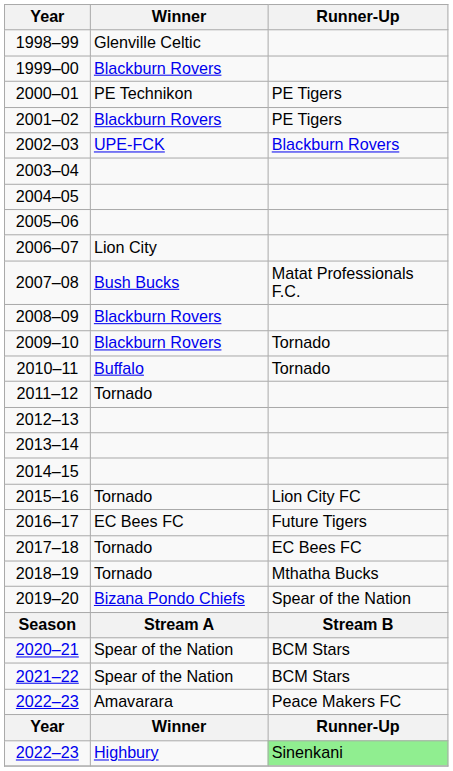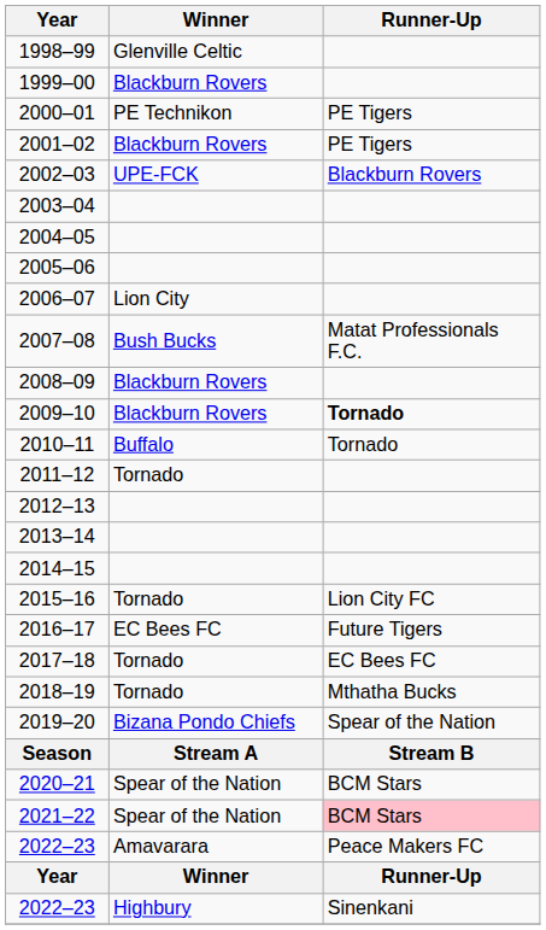 <table class="wikitable" width="440px";>
 <tr>
 <th width="80px">Year</th>
 <th width="180px">Winner</th>
 <th width="180px">Runner-Up</th>
 </tr>
 <tr>
 <td align="center">1998–99</td>
 <td>Glenville Celtic</td>
 <td></td>
 </tr>
 <tr>
 <td align="center">1999–00</td>
 <td><a href='#'>Blackburn Rovers</a></td>
 <td></td>
 </tr>
 <tr>
 <td align="center">2000–01</td>
 <td>PE Technikon</td>
 <td>PE Tigers</td>
 </tr>
 <tr>
 <td align="center">2001–02</td>
 <td><a href='#'>Blackburn Rovers</a></td>
 <td>PE Tigers</td>
 </tr>
 <tr>
 <td align="center">2002–03</td>
 <td><a href='#'>UPE-FCK</a></td>
 <td><a href='#'>Blackburn Rovers</a></td>
 </tr>
 <tr>
 <td align="center">2003–04</td>
 <td></td>
 <td></td>
 </tr>
 <tr>
 <td align="center">2004–05</td>
 <td></td>
 <td></td>
 </tr>
 <tr>
 <td align="center">2005–06</td>
 <td></td>
 <td></td>
 </tr>
 <tr>
 <td align="center">2006–07</td>
 <td>Lion City</td>
 <td></td>
 </tr>
 <tr>
 <td align="center">2007–08</td>
 <td><a href='#'>Bush Bucks</a></td>
 <td>Matat Professionals F.C.</td>
 </tr>
 <tr>
 <td align="center">2008–09</td>
 <td><a href='#'>Blackburn Rovers</a></td>
 <td></td>
 </tr>
 <tr>
 <td align="center">2009–10</td>
 <td><a href='#'>Blackburn Rovers</a></td>
-<td>Tornado</td>
+<td><strong>Tornado</strong></td>
 </tr>
 <tr>
 <td align="center">2010–11</td>
 <td><a href='#'>Buffalo</a></td>
 <td>Tornado</td>
 </tr>
 <tr>
 <td align="center">2011–12</td>
 <td>Tornado</td>
 <td></td>
 </tr>
 <tr>
 <td align="center">2012–13</td>
 <td></td>
 <td></td>
 </tr>
 <tr>
 <td align="center">2013–14</td>
 <td></td>
 <td></td>
 </tr>
 <tr>
 <td align="center">2014–15</td>
 <td></td>
 <td></td>
 </tr>
 <tr>
 <td align="center">2015–16</td>
 <td>Tornado</td>
 <td>Lion City FC</td>
 </tr>
 <tr>
 <td align="center">2016–17</td>
 <td>EC Bees FC</td>
 <td>Future Tigers</td>
 </tr>
 <tr>
 <td align="center">2017–18</td>
 <td>Tornado</td>
 <td>EC Bees FC</td>
 </tr>
 <tr>
 <td align="center">2018–19</td>
 <td>Tornado</td>
 <td>Mthatha Bucks</td>
 </tr>
 <tr>
 <td align="center">2019–20</td>
 <td><a href='#'>Bizana Pondo Chiefs</a></td>
 <td>Spear of the Nation</td>
 </tr>
 <tr>
 <th>Season</th>
 <th>Stream A</th>
 <th>Stream B</th>
 </tr>
 <tr>
 <td align="center"><a href='#'>2020–21</a></td>
 <td>Spear of the Nation</td>
 <td>BCM Stars</td>
 </tr>
 <tr>
 <td align="center"><a href='#'>2021–22</a></td>
 <td>Spear of the Nation</td>
-<td>BCM Stars</td>
+<td style="background: pink;">BCM Stars</td>
 </tr>
 <tr>
 <td align="center"><a href='#'>2022–23</a></td>
 <td>Amavarara</td>
 <td>Peace Makers FC</td>
 </tr>
 <tr>
 <th width="80px">Year</th>
 <th width="180px">Winner</th>
 <th width="180px">Runner-Up</th>
 </tr>
 <tr>
 <td align="center"><a href='#'>2022–23</a></td>
 <td><a href='#'>Highbury</a></td>
-<td style="background: lightgreen;">Sinenkani</td>
+<td>Sinenkani</td>
 </tr>
 <tr>
 </tr>
 </table>
